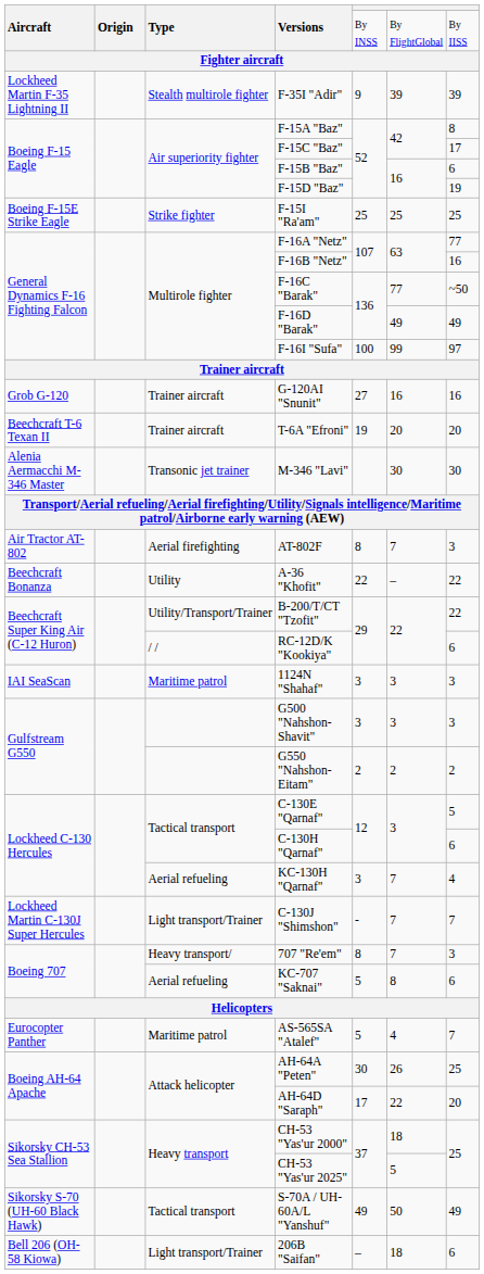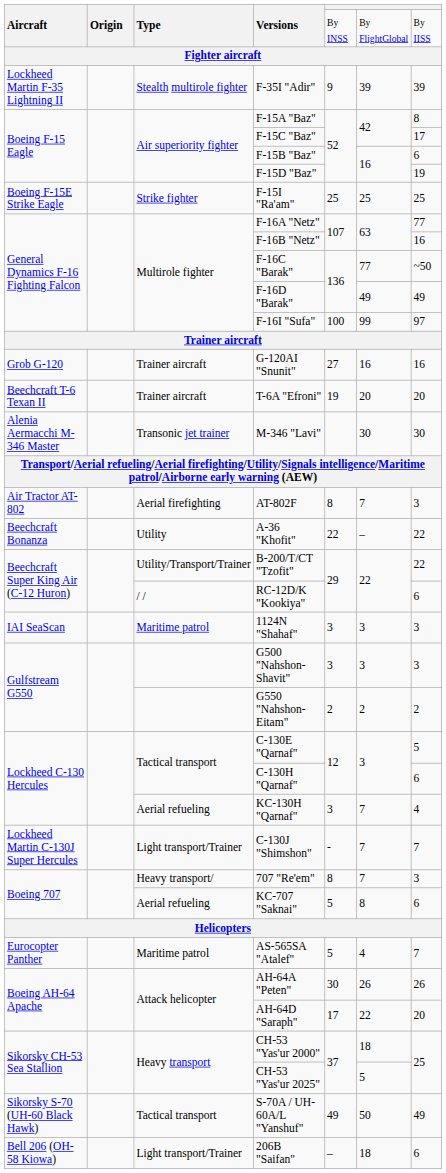 <table class="wikitable">
 <tr>
 <th style="text-align:left; width:26%;" rowspan = "2">Aircraft</th>
 <th style="text-align:left; width:13%;" rowspan = "2">Origin</th>
 <th style="text-align:left; width:15%;" rowspan = "2">Type</th>
 <th style="text-align:left; width:19%;" rowspan = "2">Versions</th>
 <th style="text-align:left; width:27%;" colspan = "3"></th>
 </tr>
 <tr>
 <td style="text-align:left; width:9%;"><sub>By <a href='#'>INSS</a></sub></td>
 <td style="text-align:left; width:9%;"><sub>By <a href='#'>FlightGlobal</a></sub></td>
 <td style="text-align:left; width:9%;"><sub>By <a href='#'>IISS</a></sub></td>
 </tr>
 <tr>
 <th style="align: center;" colspan="7"><a href='#'>Fighter aircraft</a></th>
 </tr>
 <tr>
 <td><a href='#'>Lockheed Martin F-35 Lightning II</a></td>
 <td></td>
 <td><a href='#'>Stealth</a> <a href='#'>multirole fighter</a></td>
 <td>F-35I "Adir"</td>
 <td>9</td>
 <td>39</td>
 <td>39</td>
 </tr>
 <tr>
 <td rowspan="4"><a href='#'>Boeing F-15 Eagle</a></td>
 <td rowspan="4"></td>
 <td rowspan="4"><a href='#'>Air superiority fighter</a></td>
 <td>F-15A "Baz"</td>
 <td rowspan="4"> 52</td>
 <td rowspan= "2"> 42</td>
 <td>8</td>
 </tr>
 <tr>
 <td>F-15C "Baz"</td>
 <td>17</td>
 </tr>
 <tr>
 <td>F-15B "Baz"</td>
 <td rowspan="2"> 16</td>
 <td>6</td>
 </tr>
 <tr>
 <td>F-15D "Baz"</td>
 <td>19</td>
 </tr>
 <tr>
 <td><a href='#'>Boeing F-15E Strike Eagle</a></td>
 <td></td>
 <td><a href='#'>Strike fighter</a></td>
 <td>F-15I "Ra'am"</td>
 <td>25</td>
 <td>25</td>
 <td>25</td>
 </tr>
 <tr>
 <td rowspan = "5"><a href='#'>General Dynamics F-16 Fighting Falcon</a></td>
 <td rowspan="5"></td>
 <td rowspan="5">Multirole fighter</td>
 <td>F-16A "Netz"</td>
 <td rowspan="2"> 107</td>
 <td rowspan="2"> 63</td>
 <td>77</td>
 </tr>
 <tr>
 <td>F-16B "Netz"</td>
 <td>16</td>
 </tr>
 <tr>
 <td>F-16C "Barak"</td>
 <td rowspan="2"> 136</td>
 <td>77</td>
 <td>~50</td>
 </tr>
 <tr>
 <td>F-16D "Barak"</td>
 <td>49</td>
 <td>49</td>
 </tr>
 <tr>
 <td>F-16I "Sufa"</td>
 <td>100</td>
 <td>99</td>
 <td>97</td>
 </tr>
 <tr>
 <th style="align: center;" colspan="7"><a href='#'>Trainer aircraft</a></th>
 </tr>
 <tr>
 <td><a href='#'>Grob G-120</a></td>
 <td></td>
 <td>Trainer aircraft</td>
 <td>G-120AI "Snunit"</td>
 <td>27</td>
 <td>16</td>
 <td>16</td>
 </tr>
 <tr>
 <td><a href='#'>Beechcraft T-6 Texan II</a></td>
 <td></td>
 <td>Trainer aircraft</td>
 <td>T-6A "Efroni"</td>
 <td>19</td>
 <td>20</td>
 <td>20</td>
 </tr>
 <tr>
 <td><a href='#'>Alenia Aermacchi M-346 Master</a></td>
 <td></td>
 <td>Transonic <a href='#'>jet trainer</a></td>
 <td>M-346 "Lavi"</td>
 <td></td>
 <td>30</td>
 <td>30</td>
 </tr>
 <tr>
 <th style="align: center;" colspan="7"><a href='#'>Transport</a>/<a href='#'>Aerial refueling</a>/<a href='#'>Aerial firefighting</a>/<a href='#'>Utility</a>/<a href='#'>Signals intelligence</a>/<a href='#'>Maritime patrol</a>/<a href='#'>Airborne early warning</a> (AEW)</th>
 </tr>
 <tr>
 <td><a href='#'>Air Tractor AT-802</a></td>
 <td></td>
 <td>Aerial firefighting</td>
 <td>AT-802F</td>
 <td>8</td>
 <td>7</td>
 <td>3</td>
 </tr>
 <tr>
 <td><a href='#'>Beechcraft Bonanza</a></td>
 <td></td>
 <td>Utility</td>
 <td>A-36 "Khofit"</td>
 <td>22</td>
 <td>–</td>
 <td>22</td>
 </tr>
 <tr>
 <td rowspan = "2"><a href='#'>Beechcraft Super King Air</a> (<a href='#'>C-12 Huron</a>)</td>
 <td rowspan="2"></td>
 <td>Utility/Transport/Trainer</td>
 <td>B-200/T/CT "Tzofit"</td>
 <td rowspan="2"> 29</td>
 <td rowspan="2"> 22</td>
 <td>22</td>
 </tr>
 <tr>
 <td> /  / </td>
 <td>RC-12D/K "Kookiya"</td>
 <td>6</td>
 </tr>
 <tr>
 <td><a href='#'>IAI SeaScan</a></td>
 <td></td>
 <td><a href='#'>Maritime patrol</a></td>
 <td>1124N "Shahaf"</td>
 <td>3</td>
 <td>3</td>
 <td>3</td>
 </tr>
 <tr>
 <td rowspan = "2"><a href='#'>Gulfstream G550</a></td>
 <td rowspan="2"></td>
 <td></td>
 <td>G500 "Nahshon-Shavit"</td>
 <td>3</td>
 <td>3</td>
 <td>3</td>
 </tr>
 <tr>
 <td></td>
 <td>G550 "Nahshon-Eitam"</td>
 <td>2</td>
 <td>2</td>
 <td>2</td>
 </tr>
 <tr>
 <td rowspan = "3"><a href='#'>Lockheed C-130 Hercules</a></td>
 <td rowspan="3"></td>
 <td rowspan="2">Tactical transport</td>
 <td>C-130E "Qarnaf"</td>
 <td rowspan="2"> 12</td>
 <td rowspan="2"> 3</td>
 <td>5</td>
 </tr>
 <tr>
 <td>C-130H "Qarnaf"</td>
 <td>6</td>
 </tr>
 <tr>
 <td>Aerial refueling</td>
 <td>KC-130H "Qarnaf"</td>
 <td>3</td>
 <td>7</td>
 <td>4</td>
 </tr>
 <tr>
 <td><a href='#'>Lockheed Martin C-130J Super Hercules</a></td>
 <td></td>
 <td>Light transport/Trainer</td>
 <td>C-130J "Shimshon"</td>
 <td>-</td>
 <td>7</td>
 <td>7</td>
 </tr>
 <tr>
 <td rowspan = "2"><a href='#'>Boeing 707</a></td>
 <td rowspan="2"></td>
 <td>Heavy transport/</td>
 <td>707 "Re'em"</td>
 <td>8</td>
 <td>7</td>
 <td>3</td>
 </tr>
 <tr>
 <td>Aerial refueling</td>
 <td>KC-707 "Saknai"</td>
 <td>5</td>
 <td>8</td>
 <td>6</td>
 </tr>
 <tr>
 <th colspan="7"><a href='#'>Helicopters</a></th>
 </tr>
 <tr>
 <td><a href='#'>Eurocopter Panther</a></td>
 <td></td>
 <td>Maritime patrol</td>
 <td>AS-565SA "Atalef"</td>
 <td>5</td>
 <td>4</td>
 <td>7</td>
 </tr>
 <tr>
 <td rowspan = "2"><a href='#'>Boeing AH-64 Apache</a></td>
 <td rowspan="2"></td>
 <td rowspan="2">Attack helicopter</td>
 <td>AH-64A "Peten"</td>
 <td>30</td>
 <td>26</td>
-<td>25</td>
+<td>26</td>
 </tr>
 <tr>
 <td>AH-64D "Saraph"</td>
 <td>17</td>
 <td>22</td>
 <td>20</td>
 </tr>
 <tr>
 <td rowspan = "2"><a href='#'>Sikorsky CH-53 Sea Stallion</a></td>
 <td rowspan = "2"></td>
 <td rowspan = "2">Heavy <a href='#'>transport</a></td>
 <td>CH-53 "Yas'ur 2000"</td>
 <td rowspan = "2"> 37</td>
 <td>18</td>
 <td rowspan = "2"> 25</td>
 </tr>
 <tr>
 <td>CH-53 "Yas'ur 2025"</td>
 <td>5</td>
 </tr>
 <tr>
 <td><a href='#'>Sikorsky S-70</a> (<a href='#'>UH-60 Black Hawk</a>)</td>
 <td></td>
 <td>Tactical transport</td>
 <td>S-70A / UH-60A/L "Yanshuf"</td>
 <td>49</td>
 <td>50</td>
 <td>49</td>
 </tr>
 <tr>
 <td><a href='#'>Bell 206</a> (<a href='#'>OH-58 Kiowa</a>)</td>
 <td></td>
 <td>Light transport/Trainer</td>
 <td>206B "Saifan"</td>
 <td>–</td>
 <td>18</td>
 <td>6</td>
 </tr>
 </table>
